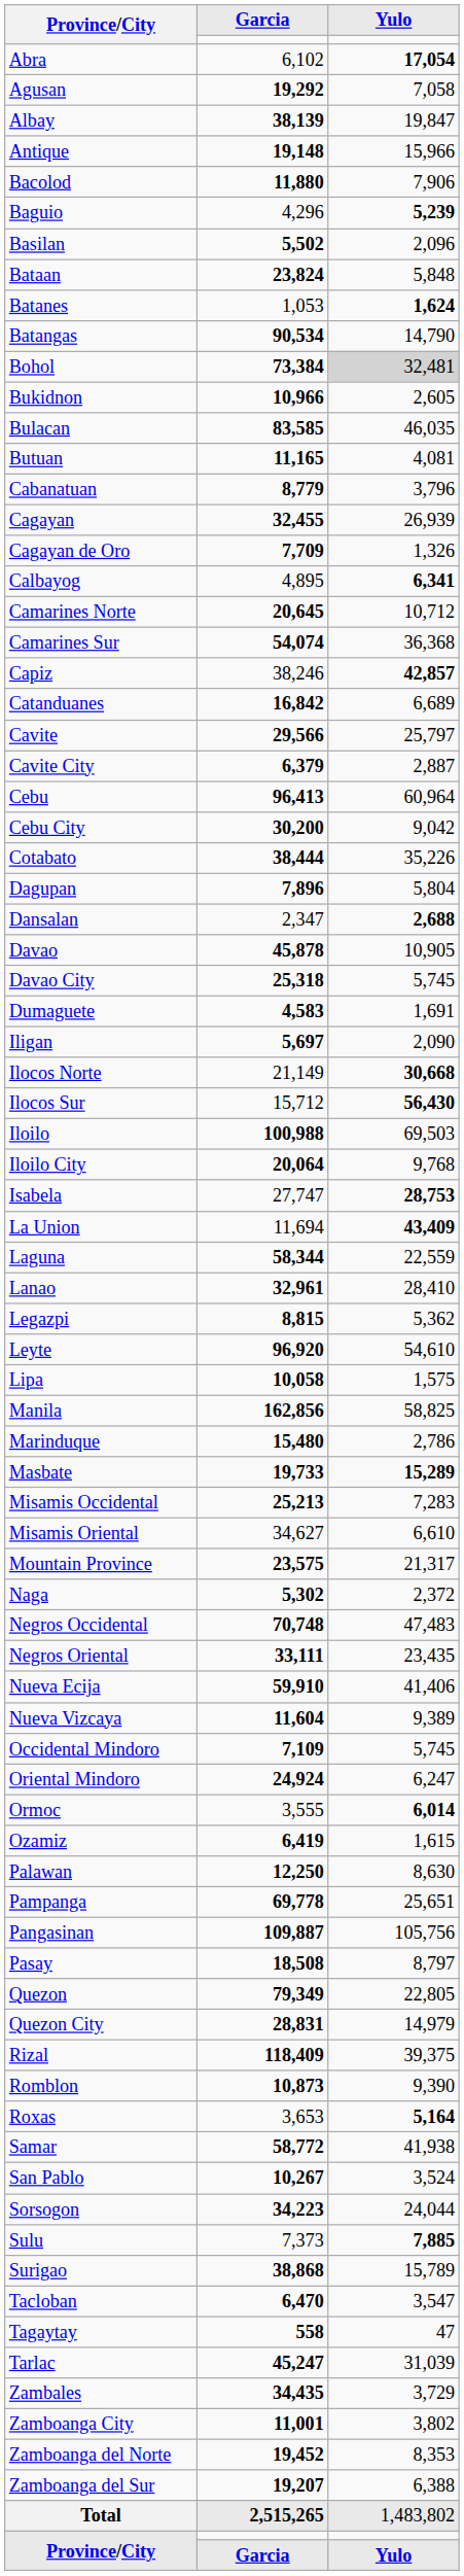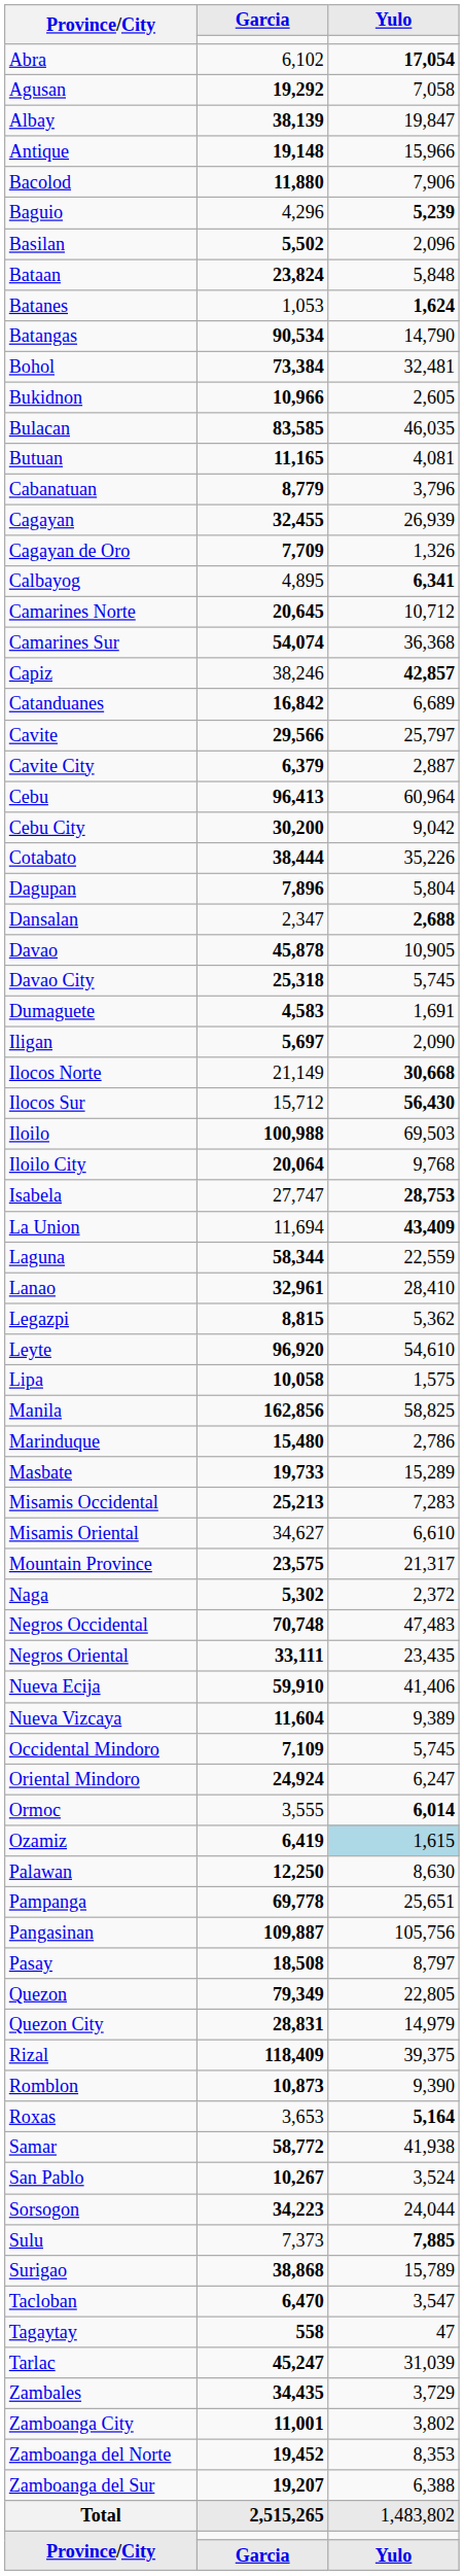 <table class="wikitable" style="text-align:right; font-size:95%">
 <tr>
 <th rowspan="2" align="left" width="150px"><a href='#'>Province</a>/<a href='#'>City</a></th>
 <th align="center" width="100px" style="background: #E9E9E9"><a href='#'>Garcia</a></th>
 <th align="center" width="100px" style="background: #E9E9E9"><a href='#'>Yulo</a></th>
 </tr>
 <tr>
 <td></td>
 <td></td>
 </tr>
 <tr>
 <td align="left"><a href='#'>Abra</a></td>
 <td>6,102</td>
 <td><strong>17,054</strong></td>
 </tr>
 <tr>
 <td align="left"><a href='#'>Agusan</a></td>
 <td><strong>19,292</strong></td>
 <td>7,058</td>
 </tr>
 <tr>
 <td align="left"><a href='#'>Albay</a></td>
 <td><strong>38,139</strong></td>
 <td>19,847</td>
 </tr>
 <tr>
 <td align="left"><a href='#'>Antique</a></td>
 <td><strong>19,148</strong></td>
 <td>15,966</td>
 </tr>
 <tr>
 <td align="left"><a href='#'>Bacolod</a></td>
 <td><strong>11,880</strong></td>
 <td>7,906</td>
 </tr>
 <tr>
 <td align="left"><a href='#'>Baguio</a></td>
 <td>4,296</td>
 <td><strong>5,239</strong></td>
 </tr>
 <tr>
 <td align="left"><a href='#'>Basilan</a></td>
 <td><strong>5,502</strong></td>
 <td>2,096</td>
 </tr>
 <tr>
 <td align="left"><a href='#'>Bataan</a></td>
 <td><strong>23,824</strong></td>
 <td>5,848</td>
 </tr>
 <tr>
 <td align="left"><a href='#'>Batanes</a></td>
 <td>1,053</td>
 <td><strong>1,624</strong></td>
 </tr>
 <tr>
 <td align="left"><a href='#'>Batangas</a></td>
 <td><strong>90,534</strong></td>
 <td>14,790</td>
 </tr>
 <tr>
 <td align="left"><a href='#'>Bohol</a></td>
 <td><strong>73,384</strong></td>
-<td style="background: lightgrey;">32,481</td>
+<td>32,481</td>
 </tr>
 <tr>
 <td align="left"><a href='#'>Bukidnon</a></td>
 <td><strong>10,966</strong></td>
 <td>2,605</td>
 </tr>
 <tr>
 <td align="left"><a href='#'>Bulacan</a></td>
 <td><strong>83,585</strong></td>
 <td>46,035</td>
 </tr>
 <tr>
 <td align="left"><a href='#'>Butuan</a></td>
 <td><strong>11,165</strong></td>
 <td>4,081</td>
 </tr>
 <tr>
 <td align="left"><a href='#'>Cabanatuan</a></td>
 <td><strong>8,779</strong></td>
 <td>3,796</td>
 </tr>
 <tr>
 <td align="left"><a href='#'>Cagayan</a></td>
 <td><strong>32,455</strong></td>
 <td>26,939</td>
 </tr>
 <tr>
 <td align="left"><a href='#'>Cagayan de Oro</a></td>
 <td><strong>7,709</strong></td>
 <td>1,326</td>
 </tr>
 <tr>
 <td align="left"><a href='#'>Calbayog</a></td>
 <td>4,895</td>
 <td><strong>6,341</strong></td>
 </tr>
 <tr>
 <td align="left"><a href='#'>Camarines Norte</a></td>
 <td><strong>20,645</strong></td>
 <td>10,712</td>
 </tr>
 <tr>
 <td align="left"><a href='#'>Camarines Sur</a></td>
 <td><strong>54,074</strong></td>
 <td>36,368</td>
 </tr>
 <tr>
 <td align="left"><a href='#'>Capiz</a></td>
 <td>38,246</td>
 <td><strong>42,857</strong></td>
 </tr>
 <tr>
 <td align="left"><a href='#'>Catanduanes</a></td>
 <td><strong>16,842</strong></td>
 <td>6,689</td>
 </tr>
 <tr>
 <td align="left"><a href='#'>Cavite</a></td>
 <td><strong>29,566</strong></td>
 <td>25,797</td>
 </tr>
 <tr>
 <td align="left"><a href='#'>Cavite City</a></td>
 <td><strong>6,379</strong></td>
 <td>2,887</td>
 </tr>
 <tr>
 <td align="left"><a href='#'>Cebu</a></td>
 <td><strong>96,413</strong></td>
 <td>60,964</td>
 </tr>
 <tr>
 <td align="left"><a href='#'>Cebu City</a></td>
 <td><strong>30,200</strong></td>
 <td>9,042</td>
 </tr>
 <tr>
 <td align="left"><a href='#'>Cotabato</a></td>
 <td><strong>38,444</strong></td>
 <td>35,226</td>
 </tr>
 <tr>
 <td align="left"><a href='#'>Dagupan</a></td>
 <td><strong>7,896</strong></td>
 <td>5,804</td>
 </tr>
 <tr>
 <td align="left"><a href='#'>Dansalan</a></td>
 <td>2,347</td>
 <td><strong>2,688</strong></td>
 </tr>
 <tr>
 <td align="left"><a href='#'>Davao</a></td>
 <td><strong>45,878</strong></td>
 <td>10,905</td>
 </tr>
 <tr>
 <td align="left"><a href='#'>Davao City</a></td>
 <td><strong>25,318</strong></td>
 <td>5,745</td>
 </tr>
 <tr>
 <td align="left"><a href='#'>Dumaguete</a></td>
 <td><strong>4,583</strong></td>
 <td>1,691</td>
 </tr>
 <tr>
 <td align="left"><a href='#'>Iligan</a></td>
 <td><strong>5,697</strong></td>
 <td>2,090</td>
 </tr>
 <tr>
 <td align="left"><a href='#'>Ilocos Norte</a></td>
 <td>21,149</td>
 <td><strong>30,668</strong></td>
 </tr>
 <tr>
 <td align="left"><a href='#'>Ilocos Sur</a></td>
 <td>15,712</td>
 <td><strong>56,430</strong></td>
 </tr>
 <tr>
 <td align="left"><a href='#'>Iloilo</a></td>
 <td><strong>100,988</strong></td>
 <td>69,503</td>
 </tr>
 <tr>
 <td align="left"><a href='#'>Iloilo City</a></td>
 <td><strong>20,064</strong></td>
 <td>9,768</td>
 </tr>
 <tr>
 <td align="left"><a href='#'>Isabela</a></td>
 <td>27,747</td>
 <td><strong>28,753</strong></td>
 </tr>
 <tr>
 <td align="left"><a href='#'>La Union</a></td>
 <td>11,694</td>
 <td><strong>43,409</strong></td>
 </tr>
 <tr>
 <td align="left"><a href='#'>Laguna</a></td>
 <td><strong>58,344</strong></td>
 <td>22,559</td>
 </tr>
 <tr>
 <td align="left"><a href='#'>Lanao</a></td>
 <td><strong>32,961</strong></td>
 <td>28,410</td>
 </tr>
 <tr>
 <td align="left"><a href='#'>Legazpi</a></td>
 <td><strong>8,815</strong></td>
 <td>5,362</td>
 </tr>
 <tr>
 <td align="left"><a href='#'>Leyte</a></td>
 <td><strong>96,920</strong></td>
 <td>54,610</td>
 </tr>
 <tr>
 <td align="left"><a href='#'>Lipa</a></td>
 <td><strong>10,058</strong></td>
 <td>1,575</td>
 </tr>
 <tr>
 <td align="left"><a href='#'>Manila</a></td>
 <td><strong>162,856</strong></td>
 <td>58,825</td>
 </tr>
 <tr>
 <td align="left"><a href='#'>Marinduque</a></td>
 <td><strong>15,480</strong></td>
 <td>2,786</td>
 </tr>
 <tr>
 <td align="left"><a href='#'>Masbate</a></td>
 <td><strong>19,733</strong></td>
-<td><strong>15,289</strong></td>
+<td>15,289</td>
 </tr>
 <tr>
 <td align="left"><a href='#'>Misamis Occidental</a></td>
 <td><strong>25,213</strong></td>
 <td>7,283</td>
 </tr>
 <tr>
 <td align="left"><a href='#'>Misamis Oriental</a></td>
 <td>34,627</td>
 <td>6,610</td>
 </tr>
 <tr>
 <td align="left"><a href='#'>Mountain Province</a></td>
 <td><strong>23,575</strong></td>
 <td>21,317</td>
 </tr>
 <tr>
 <td align="left"><a href='#'>Naga</a></td>
 <td><strong>5,302</strong></td>
 <td>2,372</td>
 </tr>
 <tr>
 <td align="left"><a href='#'>Negros Occidental</a></td>
 <td><strong>70,748</strong></td>
 <td>47,483</td>
 </tr>
 <tr>
 <td align="left"><a href='#'>Negros Oriental</a></td>
 <td><strong>33,111</strong></td>
 <td>23,435</td>
 </tr>
 <tr>
 <td align="left"><a href='#'>Nueva Ecija</a></td>
 <td><strong>59,910</strong></td>
 <td>41,406</td>
 </tr>
 <tr>
 <td align="left"><a href='#'>Nueva Vizcaya</a></td>
 <td><strong>11,604</strong></td>
 <td>9,389</td>
 </tr>
 <tr>
 <td align="left"><a href='#'>Occidental Mindoro</a></td>
 <td><strong>7,109</strong></td>
 <td>5,745</td>
 </tr>
 <tr>
 <td align="left"><a href='#'>Oriental Mindoro</a></td>
 <td><strong>24,924</strong></td>
 <td>6,247</td>
 </tr>
 <tr>
 <td align="left"><a href='#'>Ormoc</a></td>
 <td>3,555</td>
 <td><strong>6,014</strong></td>
 </tr>
 <tr>
 <td align="left"><a href='#'>Ozamiz</a></td>
 <td><strong>6,419</strong></td>
-<td>1,615</td>
+<td style="background: lightblue;">1,615</td>
 </tr>
 <tr>
 <td align="left"><a href='#'>Palawan</a></td>
 <td><strong>12,250</strong></td>
 <td>8,630</td>
 </tr>
 <tr>
 <td align="left"><a href='#'>Pampanga</a></td>
 <td><strong>69,778</strong></td>
 <td>25,651</td>
 </tr>
 <tr>
 <td align="left"><a href='#'>Pangasinan</a></td>
 <td><strong>109,887</strong></td>
 <td>105,756</td>
 </tr>
 <tr>
 <td align="left"><a href='#'>Pasay</a></td>
 <td><strong>18,508</strong></td>
 <td>8,797</td>
 </tr>
 <tr>
 <td align="left"><a href='#'>Quezon</a></td>
 <td><strong>79,349</strong></td>
 <td>22,805</td>
 </tr>
 <tr>
 <td align="left"><a href='#'>Quezon City</a></td>
 <td><strong>28,831</strong></td>
 <td>14,979</td>
 </tr>
 <tr>
 <td align="left"><a href='#'>Rizal</a></td>
 <td><strong>118,409</strong></td>
 <td>39,375</td>
 </tr>
 <tr>
 <td align="left"><a href='#'>Romblon</a></td>
 <td><strong>10,873</strong></td>
 <td>9,390</td>
 </tr>
 <tr>
 <td align="left"><a href='#'>Roxas</a></td>
 <td>3,653</td>
 <td><strong>5,164</strong></td>
 </tr>
 <tr>
 <td align="left"><a href='#'>Samar</a></td>
 <td><strong>58,772</strong></td>
 <td>41,938</td>
 </tr>
 <tr>
 <td align="left"><a href='#'>San Pablo</a></td>
 <td><strong>10,267</strong></td>
 <td>3,524</td>
 </tr>
 <tr>
 <td align="left"><a href='#'>Sorsogon</a></td>
 <td><strong>34,223</strong></td>
 <td>24,044</td>
 </tr>
 <tr>
 <td align="left"><a href='#'>Sulu</a></td>
 <td>7,373</td>
 <td><strong>7,885</strong></td>
 </tr>
 <tr>
 <td align="left"><a href='#'>Surigao</a></td>
 <td><strong>38,868</strong></td>
 <td>15,789</td>
 </tr>
 <tr>
 <td align="left"><a href='#'>Tacloban</a></td>
 <td><strong>6,470</strong></td>
 <td>3,547</td>
 </tr>
 <tr>
 <td align="left"><a href='#'>Tagaytay</a></td>
 <td><strong>558</strong></td>
 <td>47</td>
 </tr>
 <tr>
 <td align="left"><a href='#'>Tarlac</a></td>
 <td><strong>45,247</strong></td>
 <td>31,039</td>
 </tr>
 <tr>
 <td align="left"><a href='#'>Zambales</a></td>
 <td><strong>34,435</strong></td>
 <td>3,729</td>
 </tr>
 <tr>
 <td align="left"><a href='#'>Zamboanga City</a></td>
 <td><strong>11,001</strong></td>
 <td>3,802</td>
 </tr>
 <tr>
 <td align="left"><a href='#'>Zamboanga del Norte</a></td>
 <td><strong>19,452</strong></td>
 <td>8,353</td>
 </tr>
 <tr>
 <td align="left"><a href='#'>Zamboanga del Sur</a></td>
 <td><strong>19,207</strong></td>
 <td>6,388</td>
 </tr>
 <tr style="background:#E9E9E9">
 <th><strong>Total</strong></th>
 <td><strong>2,515,265</strong></td>
 <td>1,483,802</td>
 </tr>
 <tr>
 <th rowspan="2" width="150px" align="left" style="background: #E9E9E9"><a href='#'>Province</a>/<a href='#'>City</a></th>
 <td></td>
 <td></td>
 </tr>
 <tr bgcolor="#cccccc">
 <th width="100px" align="center" style="background: #E9E9E9"><a href='#'>Garcia</a></th>
 <th width="100px" align="center" style="background: #E9E9E9"><a href='#'>Yulo</a></th>
 </tr>
 </table>
